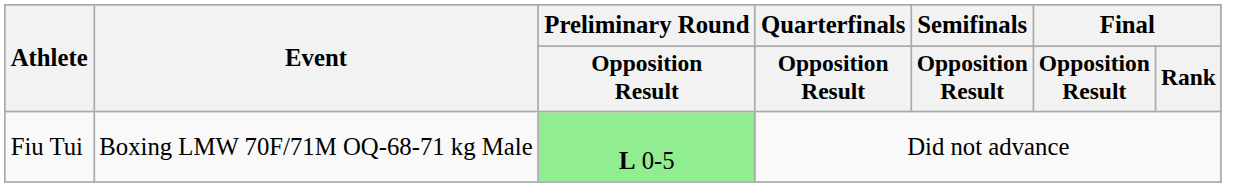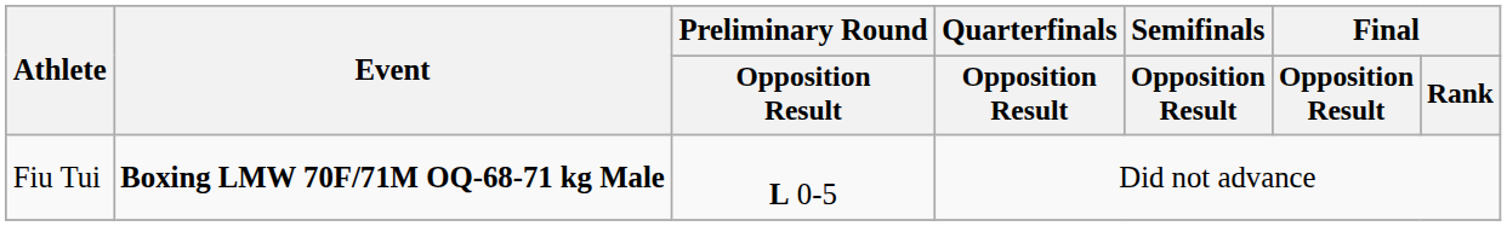 <table class="wikitable" style="font-size:90%;">
 <tr>
 <th rowspan=2>Athlete</th>
 <th rowspan=2>Event</th>
 <th>Preliminary Round</th>
 <th>Quarterfinals</th>
 <th>Semifinals</th>
 <th colspan=2>Final</th>
 </tr>
 <tr style="font-size:95%">
 <th>Opposition<br>Result</th>
 <th>Opposition<br>Result</th>
 <th>Opposition<br>Result</th>
 <th>Opposition<br>Result</th>
 <th>Rank</th>
 </tr>
 <tr align=center>
 <td align=left>Fiu Tui</td>
-<td align=left>Boxing LMW 70F/71M OQ-68-71 kg Male</td>
-<td lign=center style="background: lightgreen;"><br><strong>L</strong> 0-5</td>
+<td align=left><strong>Boxing LMW 70F/71M OQ-68-71 kg Male</strong></td>
+<td lign=center><br><strong>L</strong> 0-5</td>
 <td align=center colspan=4>Did not advance</td>
 </tr>
 </table>
